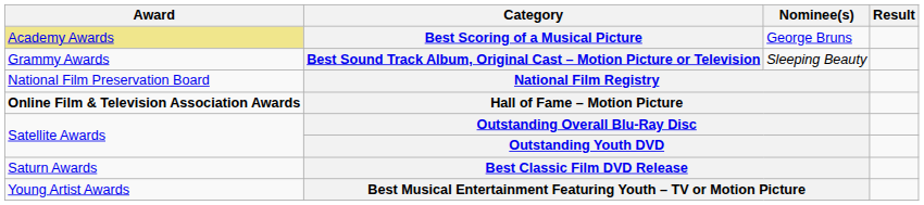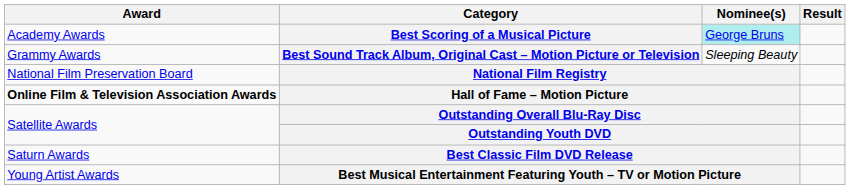 <table class="wikitable plainrowheaders">
 <tr>
 <th scope="col">Award</th>
 <th scope="col">Category</th>
 <th scope="col">Nominee(s)</th>
 <th scope="col">Result</th>
 </tr>
 <tr>
-<td style="background: khaki;"><a href='#'>Academy Awards</a></td>
+<td><a href='#'>Academy Awards</a></td>
 <th scope="row"><a href='#'>Best Scoring of a Musical Picture</a></th>
-<td><a href='#'>George Bruns</a></td>
+<td style="background: paleturquoise;"><a href='#'>George Bruns</a></td>
 <td></td>
 </tr>
 <tr>
 <td><a href='#'>Grammy Awards</a></td>
 <th scope="row"><a href='#'>Best Sound Track Album, Original Cast – Motion Picture or Television</a></th>
 <td><em>Sleeping Beauty</em></td>
 <td></td>
 </tr>
 <tr>
 <td><a href='#'>National Film Preservation Board</a></td>
 <th scope="row" colspan="2"><a href='#'>National Film Registry</a></th>
 <td></td>
 </tr>
 <tr>
 <td><strong>Online Film & Television Association Awards</strong></td>
 <th scope="row" colspan="2">Hall of Fame – Motion Picture</th>
 <td></td>
 </tr>
 <tr>
 <td rowspan="2"><a href='#'>Satellite Awards</a></td>
 <th scope="row" colspan="2"><a href='#'>Outstanding Overall Blu-Ray Disc</a></th>
 <td></td>
 </tr>
 <tr>
 <th scope="row" colspan="2"><a href='#'>Outstanding Youth DVD</a></th>
 <td></td>
 </tr>
 <tr>
 <td><a href='#'>Saturn Awards</a></td>
 <th scope="row" colspan="2"><a href='#'>Best Classic Film DVD Release</a></th>
 <td></td>
 </tr>
 <tr>
 <td><a href='#'>Young Artist Awards</a></td>
 <th scope="row" colspan="2">Best Musical Entertainment Featuring Youth – TV or Motion Picture</th>
 <td></td>
 </tr>
 </table>
